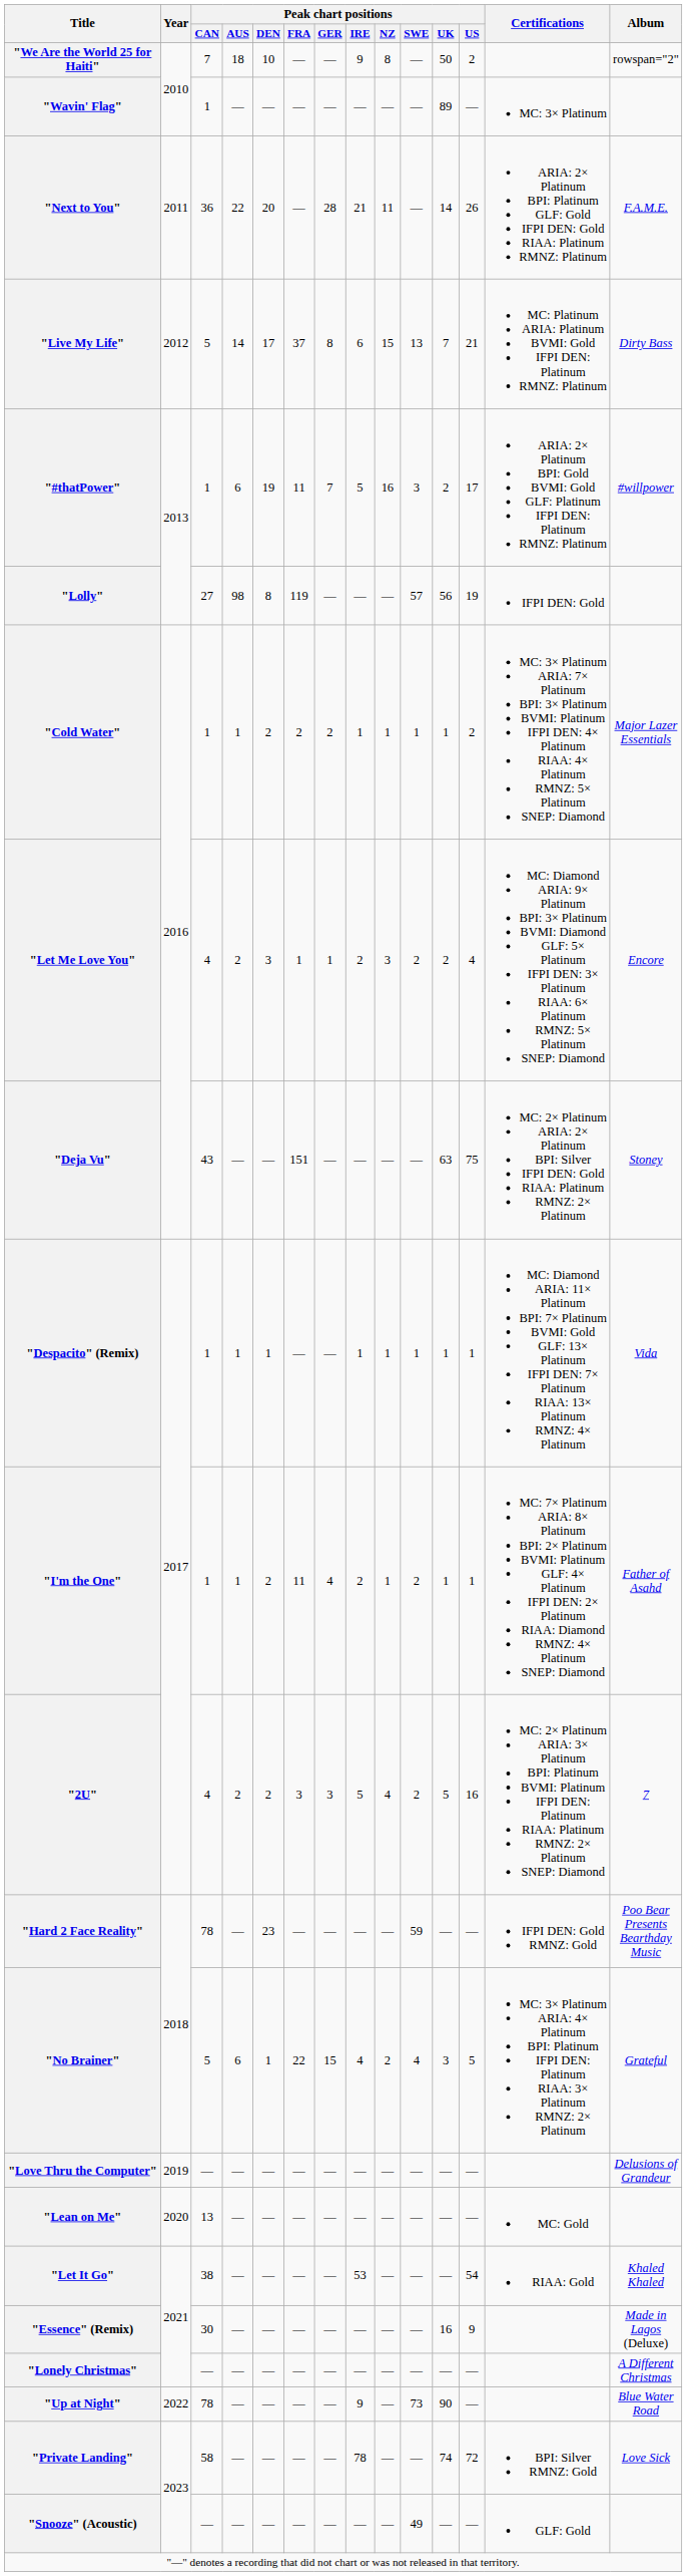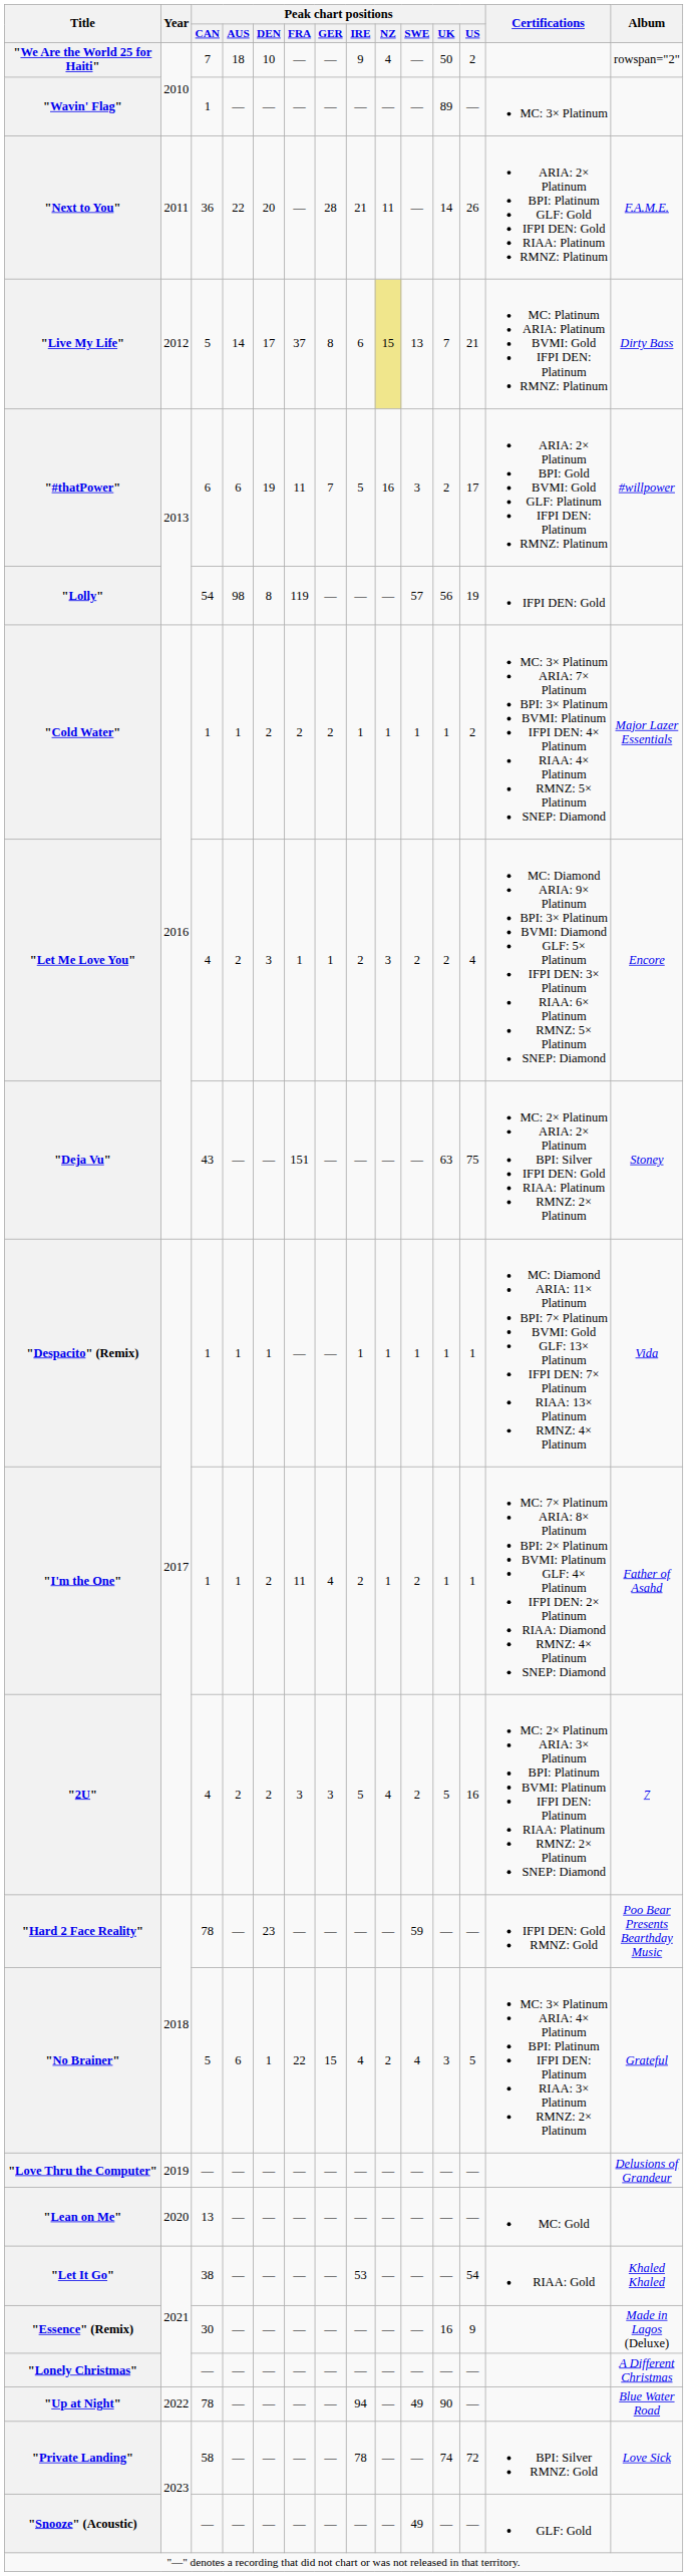 <table class="wikitable plainrowheaders" style="text-align:center;">
 <tr>
 <th scope="col" rowspan="2" style="width:20em;">Title</th>
 <th scope="col" rowspan="2" style="width:1em;">Year</th>
 <th scope="col" colspan="10">Peak chart positions</th>
 <th scope="col" rowspan="2" style="width:14em;"><a href='#'>Certifications</a></th>
 <th scope="col" rowspan="2">Album</th>
 </tr>
 <tr>
 <th scope="col" style="width:2.5em;font-size:90%;"><a href='#'>CAN</a><br></th>
 <th scope="col" style="width:2.5em;font-size:90%;"><a href='#'>AUS</a><br></th>
 <th scope="col" style="width:2.5em;font-size:90%;"><a href='#'>DEN</a><br></th>
 <th scope="col" style="width:2.5em;font-size:90%;"><a href='#'>FRA</a><br></th>
 <th scope="col" style="width:2.5em;font-size:90%;"><a href='#'>GER</a><br></th>
 <th scope="col" style="width:2.5em;font-size:90%;"><a href='#'>IRE</a><br></th>
 <th scope="col" style="width:2.5em;font-size:90%;"><a href='#'>NZ</a><br></th>
 <th scope="col" style="width:2.5em;font-size:90%;"><a href='#'>SWE</a><br></th>
 <th scope="col" style="width:2.5em;font-size:90%;"><a href='#'>UK</a><br></th>
 <th scope="col" style="width:2.5em;font-size:90%;"><a href='#'>US</a><br></th>
 </tr>
 <tr>
 <th scope="row">"<a href='#'>We Are the World 25 for Haiti</a>"<br></th>
 <td rowspan="2">2010</td>
 <td>7</td>
 <td>18</td>
 <td>10</td>
 <td>—</td>
 <td>—</td>
 <td>9</td>
-<td>8</td>
+<td>4</td>
 <td>—</td>
 <td>50</td>
 <td>2</td>
 <td></td>
 <td>rowspan="2" </td>
 </tr>
 <tr>
 <th scope="row">"<a href='#'>Wavin' Flag</a>"<br></th>
 <td>1</td>
 <td>—</td>
 <td>—</td>
 <td>—</td>
 <td>—</td>
 <td>—</td>
 <td>—</td>
 <td>—</td>
 <td>89</td>
 <td>—</td>
 <td><br><ul><li>MC: 3× Platinum</li></ul></td>
 </tr>
 <tr>
 <th scope="row">"<a href='#'>Next to You</a>"<br></th>
 <td>2011</td>
 <td>36</td>
 <td>22</td>
 <td>20</td>
 <td>—</td>
 <td>28</td>
 <td>21</td>
 <td>11</td>
 <td>—</td>
 <td>14</td>
 <td>26</td>
 <td><br><ul><li>ARIA: 2× Platinum</li><li>BPI: Platinum</li><li>GLF: Gold</li><li>IFPI DEN: Gold</li><li>RIAA: Platinum</li><li>RMNZ: Platinum</li></ul></td>
 <td><em><a href='#'>F.A.M.E.</a></em></td>
 </tr>
 <tr>
 <th scope="row">"<a href='#'>Live My Life</a>"<br></th>
 <td>2012</td>
 <td>5</td>
 <td>14</td>
 <td>17</td>
 <td>37</td>
 <td>8</td>
 <td>6</td>
-<td>15</td>
+<td style="background: khaki;">15</td>
 <td>13</td>
 <td>7</td>
 <td>21</td>
 <td><br><ul><li>MC: Platinum</li><li>ARIA: Platinum</li><li>BVMI: Gold</li><li>IFPI DEN: Platinum</li><li>RMNZ: Platinum</li></ul></td>
 <td><em><a href='#'>Dirty Bass</a></em></td>
 </tr>
 <tr>
 <th scope="row">"<a href='#'>#thatPower</a>"<br></th>
 <td rowspan="2">2013</td>
-<td>1</td>
+<td>6</td>
 <td>6</td>
 <td>19</td>
 <td>11</td>
 <td>7</td>
 <td>5</td>
 <td>16</td>
 <td>3</td>
 <td>2</td>
 <td>17</td>
 <td><br><ul><li>ARIA:  2× Platinum</li><li>BPI: Gold</li><li>BVMI: Gold</li><li>GLF: Platinum</li><li>IFPI DEN: Platinum</li><li>RMNZ: Platinum</li></ul></td>
 <td><em><a href='#'>#willpower</a></em></td>
 </tr>
 <tr>
 <th scope="row">"<a href='#'>Lolly</a>"<br></th>
-<td>27</td>
+<td>54</td>
 <td>98</td>
 <td>8</td>
 <td>119</td>
 <td>—</td>
 <td>—</td>
 <td>—</td>
 <td>57</td>
 <td>56</td>
 <td>19</td>
 <td><br><ul><li>IFPI DEN: Gold</li></ul></td>
 <td></td>
 </tr>
 <tr>
 <th scope="row">"<a href='#'>Cold Water</a>"<br></th>
 <td rowspan="3">2016</td>
 <td>1</td>
 <td>1</td>
 <td>2</td>
 <td>2</td>
 <td>2</td>
 <td>1</td>
 <td>1</td>
 <td>1</td>
 <td>1</td>
 <td>2</td>
 <td><br><ul><li>MC: 3× Platinum</li><li>ARIA: 7× Platinum</li><li>BPI: 3× Platinum</li><li>BVMI: Platinum</li><li>IFPI DEN: 4× Platinum</li><li>RIAA: 4× Platinum</li><li>RMNZ: 5× Platinum</li><li>SNEP: Diamond</li></ul></td>
 <td><em><a href='#'>Major Lazer Essentials</a></em></td>
 </tr>
 <tr>
 <th scope="row">"<a href='#'>Let Me Love You</a>"<br></th>
 <td>4</td>
 <td>2</td>
 <td>3</td>
 <td>1</td>
 <td>1</td>
 <td>2</td>
 <td>3</td>
 <td>2</td>
 <td>2</td>
 <td>4</td>
 <td><br><ul><li>MC: Diamond</li><li>ARIA: 9× Platinum</li><li>BPI: 3× Platinum</li><li>BVMI: Diamond</li><li>GLF: 5× Platinum</li><li>IFPI DEN: 3× Platinum</li><li>RIAA: 6× Platinum</li><li>RMNZ: 5× Platinum</li><li>SNEP: Diamond</li></ul></td>
 <td><em><a href='#'>Encore</a></em></td>
 </tr>
 <tr>
 <th scope="row">"<a href='#'>Deja Vu</a>"<br></th>
 <td>43</td>
 <td>—</td>
 <td>—</td>
 <td>151</td>
 <td>—</td>
 <td>—</td>
 <td>—</td>
 <td>—</td>
 <td>63</td>
 <td>75</td>
 <td><br><ul><li>MC: 2× Platinum</li><li>ARIA: 2× Platinum</li><li>BPI: Silver</li><li>IFPI DEN: Gold</li><li>RIAA: Platinum</li><li>RMNZ: 2× Platinum</li></ul></td>
 <td><em><a href='#'>Stoney</a></em></td>
 </tr>
 <tr>
 <th scope="row">"<a href='#'>Despacito</a>" (Remix)<br></th>
 <td rowspan="3">2017</td>
 <td>1</td>
 <td>1</td>
 <td>1</td>
 <td>—</td>
 <td>—</td>
 <td>1</td>
 <td>1</td>
 <td>1</td>
 <td>1</td>
 <td>1</td>
 <td><br><ul><li>MC: Diamond</li><li>ARIA: 11× Platinum</li><li>BPI: 7× Platinum</li><li>BVMI: Gold</li><li>GLF: 13× Platinum</li><li>IFPI DEN: 7× Platinum</li><li>RIAA: 13× Platinum</li><li>RMNZ: 4× Platinum</li></ul></td>
 <td><em><a href='#'>Vida</a></em></td>
 </tr>
 <tr>
 <th scope="row">"<a href='#'>I'm the One</a>"<br></th>
 <td>1</td>
 <td>1</td>
 <td>2</td>
 <td>11</td>
 <td>4</td>
 <td>2</td>
 <td>1</td>
 <td>2</td>
 <td>1</td>
 <td>1</td>
 <td><br><ul><li>MC: 7× Platinum</li><li>ARIA: 8× Platinum</li><li>BPI: 2× Platinum</li><li>BVMI: Platinum</li><li>GLF: 4× Platinum</li><li>IFPI DEN: 2× Platinum</li><li>RIAA: Diamond</li><li>RMNZ: 4× Platinum</li><li>SNEP: Diamond</li></ul></td>
 <td><em><a href='#'>Father of Asahd</a></em></td>
 </tr>
 <tr>
 <th scope="row">"<a href='#'>2U</a>"<br></th>
 <td>4</td>
 <td>2</td>
 <td>2</td>
 <td>3</td>
 <td>3</td>
 <td>5</td>
 <td>4</td>
 <td>2</td>
 <td>5</td>
 <td>16</td>
 <td><br><ul><li>MC: 2× Platinum</li><li>ARIA: 3× Platinum</li><li>BPI: Platinum</li><li>BVMI: Platinum</li><li>IFPI DEN: Platinum</li><li>RIAA: Platinum</li><li>RMNZ: 2× Platinum</li><li>SNEP: Diamond</li></ul></td>
 <td><em><a href='#'>7</a></em></td>
 </tr>
 <tr>
 <th scope="row">"<a href='#'>Hard 2 Face Reality</a>"<br></th>
 <td rowspan="2">2018</td>
 <td>78</td>
 <td>—</td>
 <td>23</td>
 <td>—</td>
 <td>—</td>
 <td>—</td>
 <td>—</td>
 <td>59</td>
 <td>—</td>
 <td>—</td>
 <td><br><ul><li>IFPI DEN: Gold</li><li>RMNZ: Gold</li></ul></td>
 <td><em><a href='#'>Poo Bear Presents Bearthday Music</a></em></td>
 </tr>
 <tr>
 <th scope="row">"<a href='#'>No Brainer</a>"<br></th>
 <td>5</td>
 <td>6</td>
 <td>1</td>
 <td>22</td>
 <td>15</td>
 <td>4</td>
 <td>2</td>
 <td>4</td>
 <td>3</td>
 <td>5</td>
 <td><br><ul><li>MC: 3× Platinum</li><li>ARIA: 4× Platinum</li><li>BPI: Platinum</li><li>IFPI DEN: Platinum</li><li>RIAA: 3× Platinum</li><li>RMNZ: 2× Platinum</li></ul></td>
 <td><em><a href='#'>Grateful</a></em></td>
 </tr>
 <tr>
 <th scope="row">"<a href='#'>Love Thru the Computer</a>"<br></th>
 <td>2019</td>
 <td>—</td>
 <td>—</td>
 <td>—</td>
 <td>—</td>
 <td>—</td>
 <td>—</td>
 <td>—</td>
 <td>—</td>
 <td>—</td>
 <td>—</td>
 <td></td>
 <td><em><a href='#'>Delusions of Grandeur</a></em></td>
 </tr>
 <tr>
 <th scope="row">"<a href='#'>Lean on Me</a>"<br></th>
 <td>2020</td>
 <td>13</td>
 <td>—</td>
 <td>—</td>
 <td>—</td>
 <td>—</td>
 <td>—</td>
 <td>—</td>
 <td>—</td>
 <td>—</td>
 <td>—</td>
 <td><br><ul><li>MC: Gold</li></ul></td>
 <td></td>
 </tr>
 <tr>
 <th scope="row">"<a href='#'>Let It Go</a>"<br></th>
 <td rowspan="3">2021</td>
 <td>38</td>
 <td>—</td>
 <td>—</td>
 <td>—</td>
 <td>—</td>
 <td>53</td>
 <td>—</td>
 <td>—</td>
 <td>—</td>
 <td>54</td>
 <td><br><ul><li>RIAA: Gold</li></ul></td>
 <td><em><a href='#'>Khaled Khaled</a></em></td>
 </tr>
 <tr>
 <th scope="row">"<a href='#'>Essence</a>" (Remix)<br></th>
 <td>30</td>
 <td>—</td>
 <td>—</td>
 <td>—</td>
 <td>—</td>
 <td>—</td>
 <td>—</td>
 <td>—</td>
 <td>16</td>
 <td>9</td>
 <td></td>
 <td><em><a href='#'>Made in Lagos</a></em> (Deluxe)</td>
 </tr>
 <tr>
 <th scope="row">"<a href='#'>Lonely Christmas</a>"<br></th>
 <td>—</td>
 <td>—</td>
 <td>—</td>
 <td>—</td>
 <td>—</td>
 <td>—</td>
 <td>—</td>
 <td>—</td>
 <td>—</td>
 <td>—</td>
 <td></td>
 <td><em><a href='#'>A Different Christmas</a></em></td>
 </tr>
 <tr>
 <th scope="row">"<a href='#'>Up at Night</a>"<br></th>
 <td>2022</td>
 <td>78</td>
 <td>—</td>
 <td>—</td>
 <td>—</td>
 <td>—</td>
-<td>9</td>
+<td>94</td>
 <td>—</td>
-<td>73</td>
+<td>49</td>
 <td>90</td>
 <td>—</td>
 <td></td>
 <td><em><a href='#'>Blue Water Road</a></em></td>
 </tr>
 <tr>
 <th scope="row">"<a href='#'>Private Landing</a>"<br></th>
 <td rowspan="2">2023</td>
 <td>58</td>
 <td>—</td>
 <td>—</td>
 <td>—</td>
 <td>—</td>
 <td>78</td>
 <td>—</td>
 <td>—</td>
 <td>74</td>
 <td>72</td>
 <td><br><ul><li>BPI: Silver</li><li>RMNZ: Gold</li></ul></td>
 <td><em><a href='#'>Love Sick</a></em></td>
 </tr>
 <tr>
 <th scope="row">"<a href='#'>Snooze</a>" (Acoustic)<br></th>
 <td>—</td>
 <td>—</td>
 <td>—</td>
 <td>—</td>
 <td>—</td>
 <td>—</td>
 <td>—</td>
 <td>49</td>
 <td>—</td>
 <td>—</td>
 <td><br><ul><li>GLF: Gold</li></ul></td>
 <td></td>
 </tr>
 <tr>
 <td colspan="14" style="font-size:90%">"—" denotes a recording that did not chart or was not released in that territory.</td>
 </tr>
 </table>
